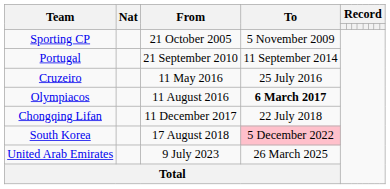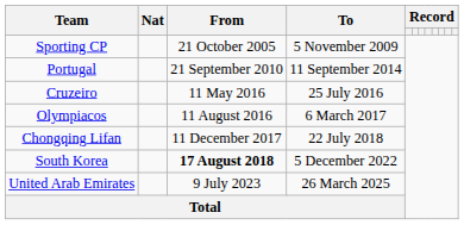 <table class="wikitable" style="text-align: center">
 <tr>
 <th rowspan="2">Team</th>
 <th rowspan="2">Nat</th>
 <th rowspan="2">From</th>
 <th rowspan="2">To</th>
 <th colspan="8">Record</th>
 </tr>
 <tr>
 <th></th>
 <th></th>
 <th></th>
 <th></th>
 <th></th>
 <th></th>
 <th></th>
 <th></th>
 </tr>
 <tr>
 <td><a href='#'>Sporting CP</a></td>
 <td></td>
 <td>21 October 2005</td>
 <td>5 November 2009<br></td>
 </tr>
 <tr>
 <td><a href='#'>Portugal</a></td>
 <td></td>
 <td>21 September 2010</td>
 <td>11 September 2014<br></td>
 </tr>
 <tr>
 <td><a href='#'>Cruzeiro</a></td>
 <td></td>
 <td>11 May 2016</td>
 <td>25 July 2016<br></td>
 </tr>
 <tr>
 <td><a href='#'>Olympiacos</a></td>
 <td></td>
 <td>11 August 2016</td>
-<td><strong>6 March 2017<br></strong></td>
+<td>6 March 2017<br></td>
 </tr>
 <tr>
 <td><a href='#'>Chongqing Lifan</a></td>
 <td></td>
 <td>11 December 2017</td>
 <td>22 July 2018<br></td>
 </tr>
 <tr>
 <td><a href='#'>South Korea</a></td>
 <td></td>
-<td>17 August 2018</td>
-<td style="background: pink;">5 December 2022<br></td>
+<td><strong>17 August 2018</strong></td>
+<td>5 December 2022<br></td>
 </tr>
 <tr>
 <td><a href='#'>United Arab Emirates</a></td>
 <td></td>
 <td>9 July 2023</td>
 <td>26 March 2025<br></td>
 </tr>
 <tr>
 <th colspan=4>Total<br></th>
 </tr>
 </table>
